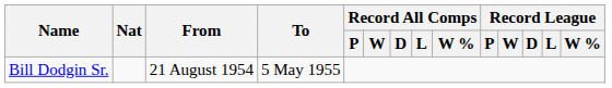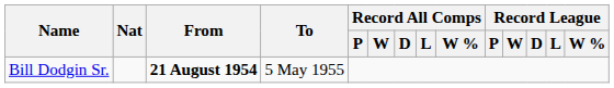 <table style="text-align: center" class="wikitable">
 <tr>
 <th rowspan="2">Name</th>
 <th rowspan="2">Nat</th>
 <th rowspan="2">From</th>
 <th rowspan="2">To</th>
 <th colspan="5">Record All Comps</th>
 <th colspan="5">Record League</th>
 </tr>
 <tr>
 <th>P</th>
 <th>W</th>
 <th>D</th>
 <th>L</th>
 <th>W %</th>
 <th>P</th>
 <th>W</th>
 <th>D</th>
 <th>L</th>
 <th>W %</th>
 </tr>
 <tr>
 <td style="text-align:left;"><a href='#'>Bill Dodgin Sr.</a></td>
 <td></td>
-<td style="text-align:left;">21 August 1954</td>
+<td style="text-align:left;"><strong>21 August 1954</strong></td>
 <td style="text-align:left;">5 May 1955<br> </td>
 </tr>
 </table>
